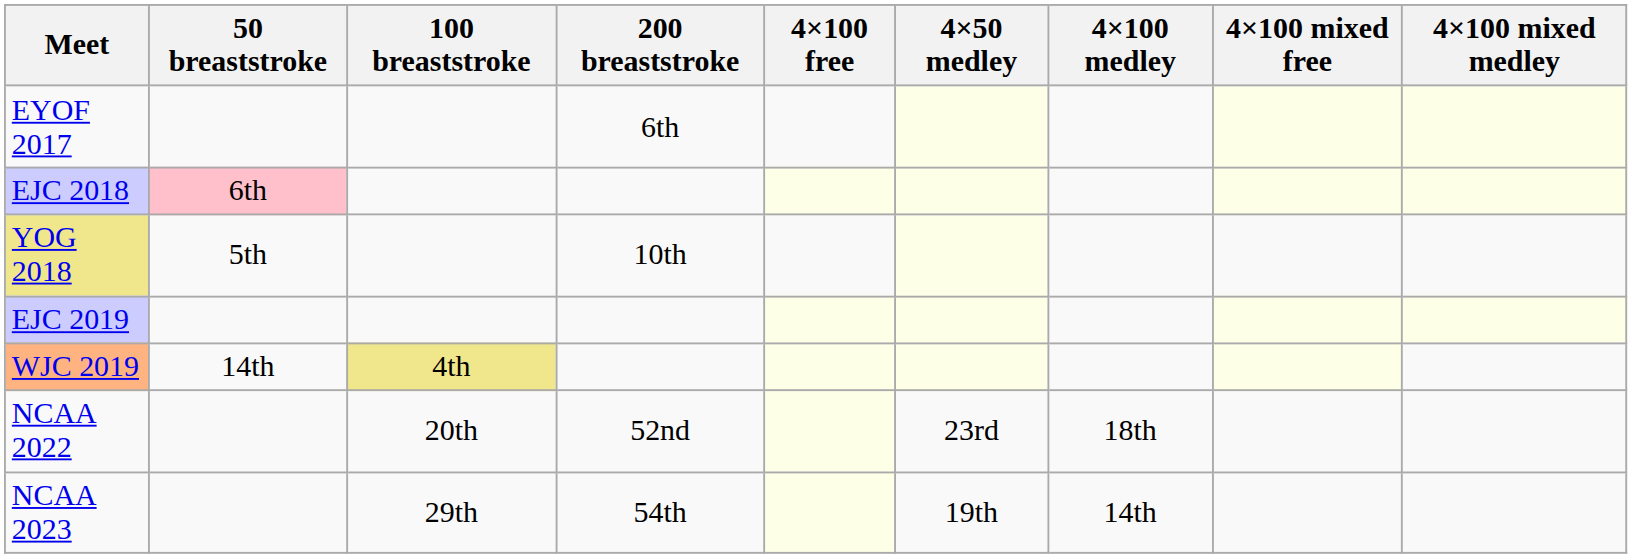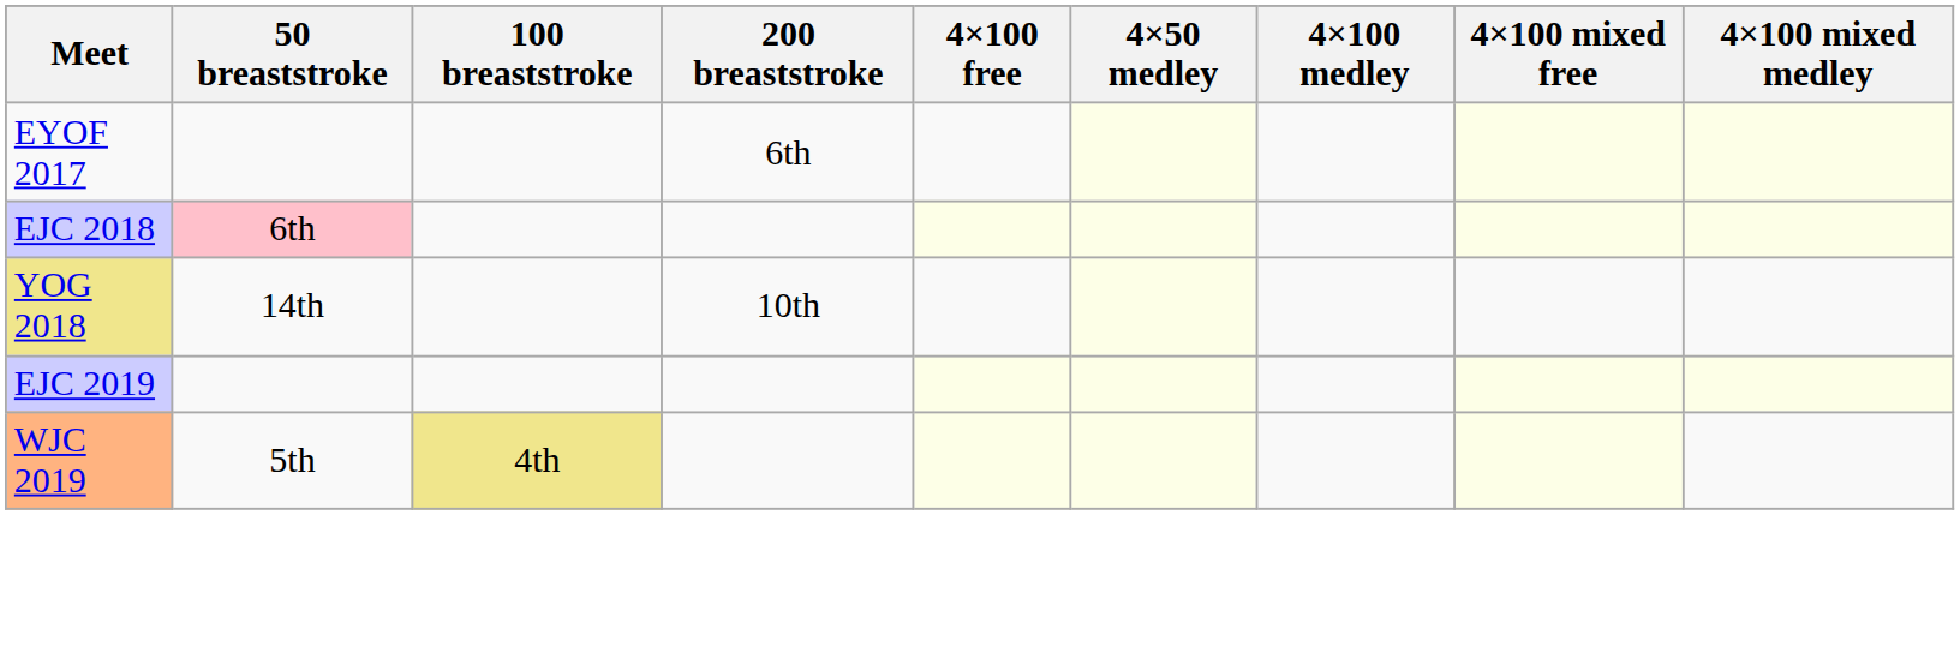 <table class="sortable wikitable">
 <tr>
 <th>Meet</th>
 <th class="unsortable">50 breaststroke</th>
 <th class="unsortable">100 breaststroke</th>
 <th class="unsortable">200 breaststroke</th>
 <th class="unsortable">4×100 free</th>
 <th class="unsortable">4×50 medley</th>
 <th class="unsortable">4×100 medley</th>
 <th class="unsortable">4×100 mixed free</th>
 <th class="unsortable">4×100 mixed medley</th>
 </tr>
 <tr>
 <td><a href='#'>EYOF 2017</a></td>
 <td></td>
 <td align="center"></td>
 <td align="center">6th</td>
 <td align="center"></td>
 <td style="background:#fdffe7"></td>
 <td align="center"></td>
 <td style="background:#fdffe7"></td>
 <td style="background:#fdffe7"></td>
 </tr>
 <tr>
 <td style="background:#ccccff"><a href='#'>EJC 2018</a></td>
 <td align="center" style="background: pink;">6th</td>
 <td align="center"></td>
 <td align="center"></td>
 <td style="background:#fdffe7"></td>
 <td style="background:#fdffe7"></td>
 <td align="center"></td>
 <td style="background:#fdffe7"></td>
 <td style="background:#fdffe7"></td>
 </tr>
 <tr>
 <td style="background:#f0e68c"><a href='#'>YOG 2018</a></td>
-<td align="center">5th</td>
+<td align="center">14th</td>
 <td align="center"></td>
 <td align="center">10th</td>
 <td align="center"></td>
 <td style="background:#fdffe7"></td>
 <td align="center"></td>
 <td align="center"></td>
 <td align="center"></td>
 </tr>
 <tr>
 <td style="background:#ccccff"><a href='#'>EJC 2019</a></td>
 <td align="center"></td>
 <td align="center"></td>
 <td align="center"></td>
 <td style="background:#fdffe7"></td>
 <td style="background:#fdffe7"></td>
 <td align="center"></td>
 <td style="background:#fdffe7"></td>
 <td style="background:#fdffe7"></td>
 </tr>
 <tr>
 <td style="background:#ffb380"><a href='#'>WJC 2019</a></td>
-<td align="center">14th</td>
+<td align="center">5th</td>
 <td align="center" style="background: khaki;">4th</td>
 <td align="center"></td>
 <td style="background:#fdffe7"></td>
 <td style="background:#fdffe7"></td>
 <td align="center"></td>
 <td style="background:#fdffe7"></td>
 <td align="center"></td>
 </tr>
-<tr>
-<td><a href='#'>NCAA 2022</a></td>
-<td></td>
-<td align="center">20th</td>
-<td align="center">52nd</td>
-<td style="background:#fdffe7"></td>
-<td align="center">23rd</td>
-<td align="center">18th</td>
-<td></td>
-<td></td>
-</tr>
-<tr>
-<td><a href='#'>NCAA 2023</a></td>
-<td></td>
-<td align="center">29th</td>
-<td align="center">54th</td>
-<td style="background:#fdffe7"></td>
-<td align="center">19th</td>
-<td align="center">14th</td>
-<td></td>
-<td></td>
-</tr>
 </table>
